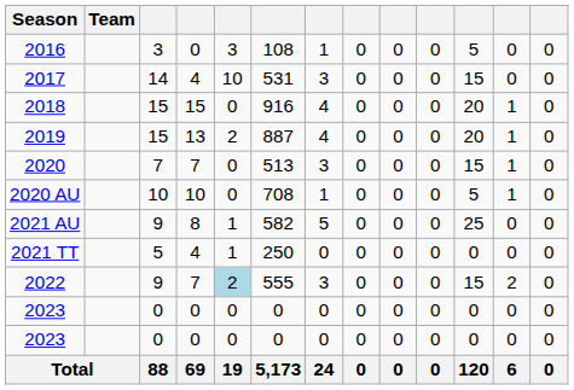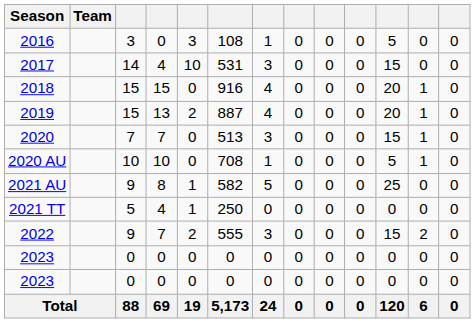 <table class="wikitable" style="text-align:center">
 <tr>
 <th>Season</th>
 <th>Team</th>
 <th style="width:25px"></th>
 <th style="width:25px"></th>
 <th style="width:25px"></th>
 <th style="width:25px"></th>
 <th style="width:25px"></th>
 <th style="width:25px"></th>
 <th style="width:25px"></th>
 <th style="width:25px"></th>
 <th style="width:25px"></th>
 <th style="width:25px"></th>
 <th style="width:25px"></th>
 </tr>
 <tr>
 <td><a href='#'>2016</a></td>
 <td></td>
 <td>3</td>
 <td>0</td>
 <td>3</td>
 <td>108</td>
 <td>1</td>
 <td>0</td>
 <td>0</td>
 <td>0</td>
 <td>5</td>
 <td>0</td>
 <td>0</td>
 </tr>
 <tr>
 <td><a href='#'>2017</a></td>
 <td></td>
 <td>14</td>
 <td>4</td>
 <td>10</td>
 <td>531</td>
 <td>3</td>
 <td>0</td>
 <td>0</td>
 <td>0</td>
 <td>15</td>
 <td>0</td>
 <td>0</td>
 </tr>
 <tr>
 <td><a href='#'>2018</a></td>
 <td></td>
 <td>15</td>
 <td>15</td>
 <td>0</td>
 <td>916</td>
 <td>4</td>
 <td>0</td>
 <td>0</td>
 <td>0</td>
 <td>20</td>
 <td>1</td>
 <td>0</td>
 </tr>
 <tr>
 <td><a href='#'>2019</a></td>
 <td></td>
 <td>15</td>
 <td>13</td>
 <td>2</td>
 <td>887</td>
 <td>4</td>
 <td>0</td>
 <td>0</td>
 <td>0</td>
 <td>20</td>
 <td>1</td>
 <td>0</td>
 </tr>
 <tr>
 <td><a href='#'>2020</a></td>
 <td></td>
 <td>7</td>
 <td>7</td>
 <td>0</td>
 <td>513</td>
 <td>3</td>
 <td>0</td>
 <td>0</td>
 <td>0</td>
 <td>15</td>
 <td>1</td>
 <td>0</td>
 </tr>
 <tr>
 <td><a href='#'>2020 AU</a></td>
 <td></td>
 <td>10</td>
 <td>10</td>
 <td>0</td>
 <td>708</td>
 <td>1</td>
 <td>0</td>
 <td>0</td>
 <td>0</td>
 <td>5</td>
 <td>1</td>
 <td>0</td>
 </tr>
 <tr>
 <td><a href='#'>2021 AU</a></td>
 <td></td>
 <td>9</td>
 <td>8</td>
 <td>1</td>
 <td>582</td>
 <td>5</td>
 <td>0</td>
 <td>0</td>
 <td>0</td>
 <td>25</td>
 <td>0</td>
 <td>0</td>
 </tr>
 <tr>
 <td><a href='#'>2021 TT</a></td>
 <td></td>
 <td>5</td>
 <td>4</td>
 <td>1</td>
 <td>250</td>
 <td>0</td>
 <td>0</td>
 <td>0</td>
 <td>0</td>
 <td>0</td>
 <td>0</td>
 <td>0</td>
 </tr>
 <tr>
 <td><a href='#'>2022</a></td>
 <td></td>
 <td>9</td>
 <td>7</td>
-<td style="background: lightblue;">2</td>
+<td>2</td>
 <td>555</td>
 <td>3</td>
 <td>0</td>
 <td>0</td>
 <td>0</td>
 <td>15</td>
 <td>2</td>
 <td>0</td>
 </tr>
 <tr>
 <td><a href='#'>2023</a></td>
 <td></td>
 <td>0</td>
 <td>0</td>
 <td>0</td>
 <td>0</td>
 <td>0</td>
 <td>0</td>
 <td>0</td>
 <td>0</td>
 <td>0</td>
 <td>0</td>
 <td>0</td>
 </tr>
 <tr>
 <td><a href='#'>2023</a></td>
 <td></td>
 <td>0</td>
 <td>0</td>
 <td>0</td>
 <td>0</td>
 <td>0</td>
 <td>0</td>
 <td>0</td>
 <td>0</td>
 <td>0</td>
 <td>0</td>
 <td>0</td>
 </tr>
 <tr>
 <th colspan="2">Total</th>
 <th>88</th>
 <th>69</th>
 <th>19</th>
 <th>5,173</th>
 <th>24</th>
 <th>0</th>
 <th>0</th>
 <th>0</th>
 <th>120</th>
 <th>6</th>
 <th>0</th>
 </tr>
 </table>
